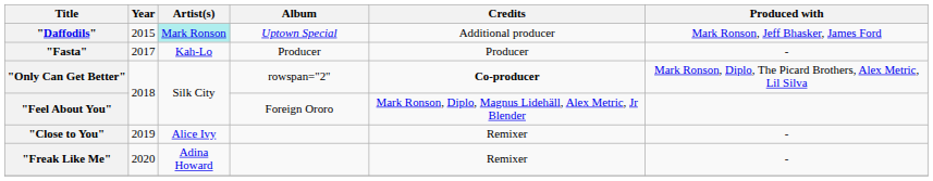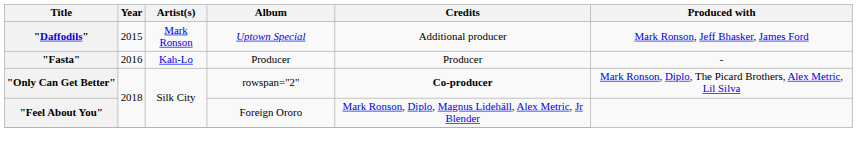 <table class="wikitable plainrowheaders" style="text-align:center;">
 <tr>
 <th scope="col" style="width:160px;">Title</th>
 <th scope="col">Year</th>
 <th scope="col">Artist(s)</th>
 <th scope="col" style="width:180px;">Album</th>
 <th scope="col">Credits</th>
 <th scope="col">Produced with</th>
 </tr>
 <tr>
 <th scope="row">"<a href='#'>Daffodils</a>"<br></th>
 <td>2015</td>
-<td style="background: paleturquoise;"><a href='#'>Mark Ronson</a></td>
+<td><a href='#'>Mark Ronson</a></td>
 <td><em><a href='#'>Uptown Special</a></em></td>
 <td>Additional producer</td>
 <td><a href='#'>Mark Ronson</a>, <a href='#'>Jeff Bhasker</a>, <a href='#'>James Ford</a></td>
 </tr>
 <tr>
 <th scope="row">"Fasta"</th>
-<td>2017</td>
+<td>2016</td>
 <td><a href='#'>Kah-Lo</a></td>
 <td>Producer</td>
 <td>Producer</td>
 <td>-</td>
 </tr>
 <tr>
 <th scope="row">"Only Can Get Better"<br></th>
 <td rowspan="2">2018</td>
 <td rowspan="2">Silk City</td>
 <td>rowspan="2" </td>
 <td><strong>Co-producer</strong></td>
 <td><a href='#'>Mark Ronson</a>, <a href='#'>Diplo</a>, The Picard Brothers, <a href='#'>Alex Metric</a>, <a href='#'>Lil Silva</a></td>
 </tr>
 <tr>
 <th scope="row">"Feel About You"<br></th>
 <td>Foreign Ororo</td>
 <td><a href='#'>Mark Ronson</a>, <a href='#'>Diplo</a>, <a href='#'>Magnus Lidehäll</a>, <a href='#'>Alex Metric</a>, <a href='#'>Jr Blender</a></td>
 </tr>
 <tr>
-<th scope="row">"Close to You"</th>
-<td>2019</td>
-<td><a href='#'>Alice Ivy</a></td>
-<td></td>
-<td>Remixer</td>
-<td>-</td>
-</tr>
-<tr>
-<th scope="row">"Freak Like Me"</th>
-<td>2020</td>
-<td><a href='#'>Adina Howard</a></td>
-<td></td>
-<td>Remixer</td>
-<td>-</td>
-</tr>
-<tr>
 </tr>
 </table>
